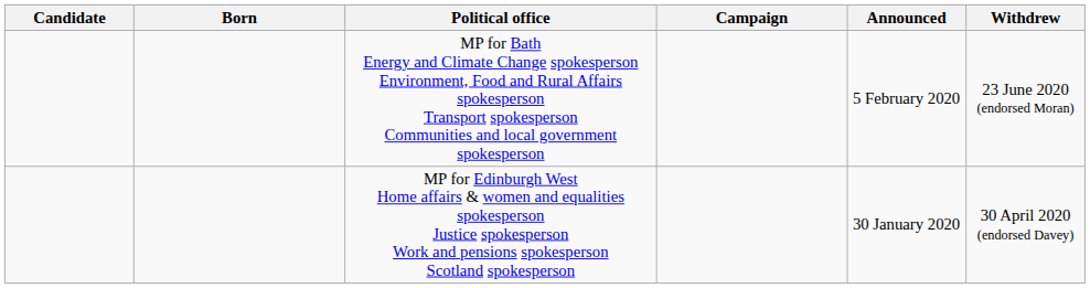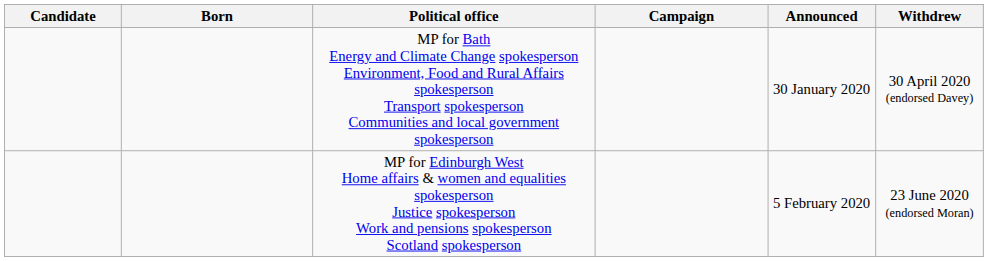 <table class="wikitable sortable" style="text-align:center">
 <tr>
 <th scope="col" style="width: 120px;">Candidate</th>
 <th scope="col" style="width: 200px;">Born</th>
 <th scope="col" style="width: 300px;">Political office</th>
 <th scope="col" style="width: 180px;">Campaign</th>
 <th scope="col" style="width: 110px;">Announced</th>
 <th scope="col" style="width: 110px;">Withdrew</th>
 </tr>
 <tr>
 <td><br><strong></strong></td>
 <td></td>
 <td>MP for <a href='#'>Bath</a> <br><a href='#'>Energy and Climate Change</a> <a href='#'>spokesperson</a> <br><a href='#'>Environment, Food and Rural Affairs</a> <a href='#'>spokesperson</a> <br><a href='#'>Transport</a> <a href='#'>spokesperson</a> <br><a href='#'>Communities and local government</a> <a href='#'>spokesperson</a> </td>
 <td><br></td>
-<td>5 February 2020</td>
-<td>23 June 2020 <br><small>(endorsed Moran)</small></td>
+<td>30 January 2020</td>
+<td>30 April 2020 <br><small>(endorsed Davey)</small></td>
 </tr>
 <tr>
 <td><br><strong></strong></td>
 <td></td>
 <td>MP for <a href='#'>Edinburgh West</a> <br><a href='#'>Home affairs</a> & <a href='#'>women and equalities</a> <a href='#'>spokesperson</a>  <br><a href='#'>Justice</a> <a href='#'>spokesperson</a>  <br><a href='#'>Work and pensions</a> <a href='#'>spokesperson</a>  <br><a href='#'>Scotland</a> <a href='#'>spokesperson</a> </td>
 <td></td>
-<td>30 January 2020</td>
-<td>30 April 2020 <br><small>(endorsed Davey)</small></td>
+<td>5 February 2020</td>
+<td>23 June 2020 <br><small>(endorsed Moran)</small></td>
 </tr>
 </table>
